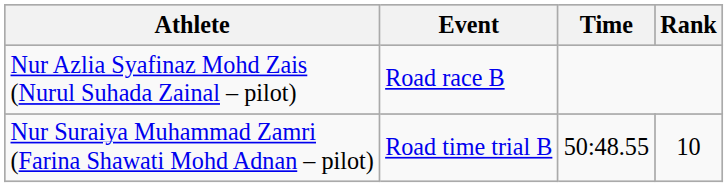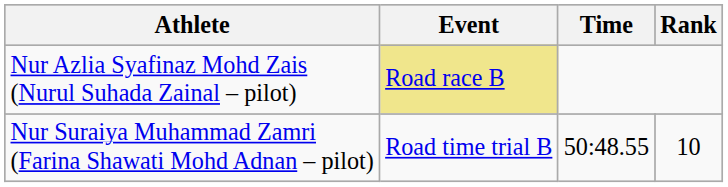 <table class="wikitable" style="font-size:90%">
 <tr>
 <th>Athlete</th>
 <th>Event</th>
 <th>Time</th>
 <th>Rank</th>
 </tr>
 <tr>
 <td align="left"><a href='#'>Nur Azlia Syafinaz Mohd Zais</a><br>(<a href='#'>Nurul Suhada Zainal</a> – pilot)</td>
-<td><a href='#'>Road race B</a></td>
+<td style="background: khaki;"><a href='#'>Road race B</a></td>
 <td align="center" colspan="2"></td>
 </tr>
 <tr>
 <td align="left"><a href='#'>Nur Suraiya Muhammad Zamri</a><br>(<a href='#'>Farina Shawati Mohd Adnan</a> – pilot)</td>
 <td><a href='#'>Road time trial B</a></td>
 <td align="center">50:48.55</td>
 <td align="center">10</td>
 </tr>
 </table>
